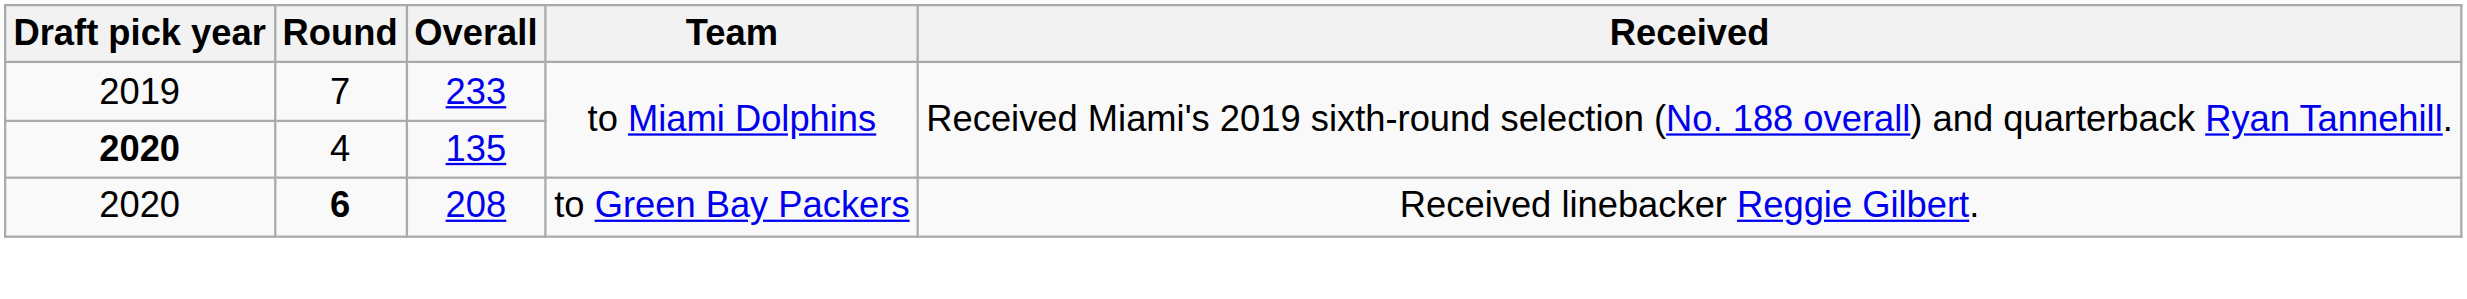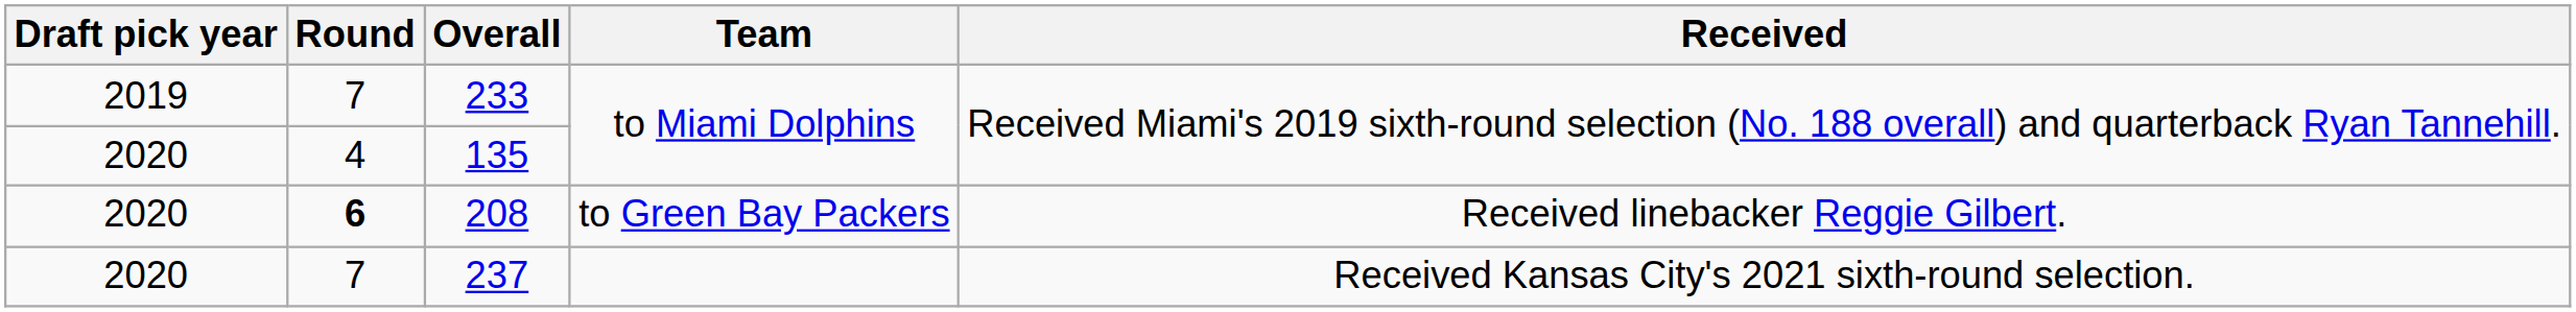 <table class="wikitable" style="text-align:center">
 <tr>
 <th>Draft pick year</th>
 <th>Round</th>
 <th>Overall</th>
 <th>Team</th>
 <th>Received</th>
 </tr>
 <tr>
 <td>2019</td>
 <td>7</td>
 <td><a href='#'>233</a></td>
 <td rowspan="2">to <a href='#'>Miami Dolphins</a></td>
 <td rowspan="2">Received Miami's 2019 sixth-round selection (<a href='#'>No. 188 overall</a>) and quarterback <a href='#'>Ryan Tannehill</a>.</td>
 </tr>
 <tr>
-<td><strong>2020</strong></td>
+<td>2020</td>
 <td>4</td>
 <td><a href='#'>135</a></td>
 </tr>
 <tr>
 <td>2020</td>
 <td><strong>6</strong></td>
 <td><a href='#'>208</a></td>
 <td>to <a href='#'>Green Bay Packers</a></td>
 <td>Received linebacker <a href='#'>Reggie Gilbert</a>.</td>
 </tr>
+<tr>
+<td>2020</td>
+<td>7</td>
+<td><a href='#'>237</a></td>
+<td></td>
+<td>Received Kansas City's 2021 sixth-round selection.</td>
+</tr>
 </table>
